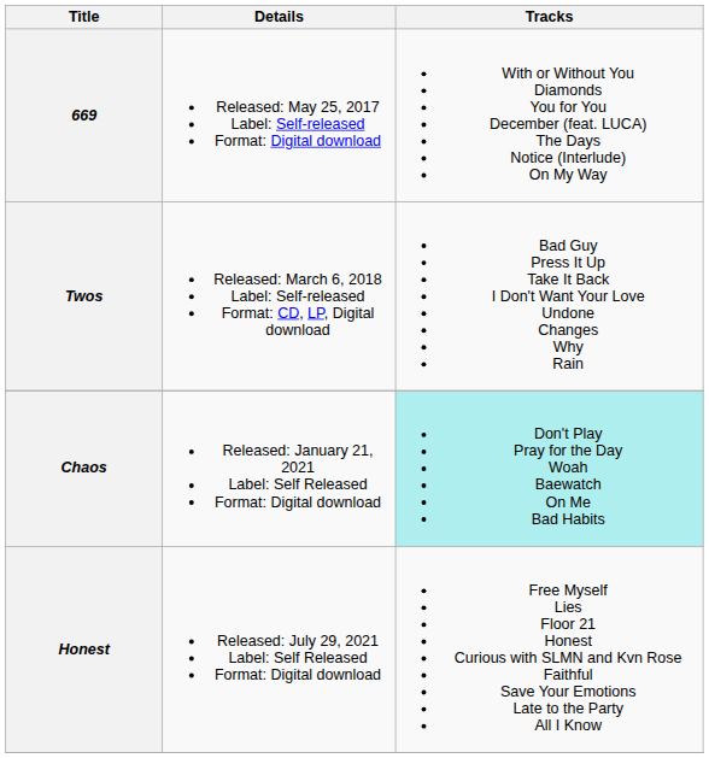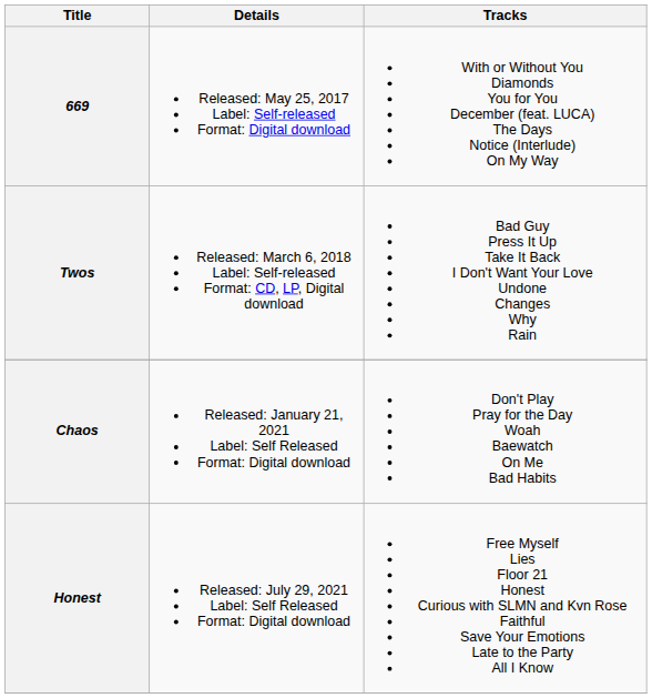 <table class="wikitable plainrowheaders" style="text-align:center;">
 <tr>
 <th scope="col" style="width:10em;">Title</th>
 <th scope="col" style="width:15em;">Details</th>
 <th scope="col" style="width:20em;">Tracks</th>
 </tr>
 <tr>
 <th scope="row"><em>669</em></th>
 <td><br><ul><li>Released: May 25, 2017</li><li>Label: <a href='#'>Self-released</a></li><li>Format: <a href='#'>Digital download</a></li></ul></td>
 <td><br><ul><li>With or Without You</li><li>Diamonds</li><li>You for You</li><li>December (feat. LUCA)</li><li>The Days</li><li>Notice (Interlude)</li><li>On My Way</li></ul></td>
 </tr>
 <tr>
 <th scope="row"><em>Twos</em></th>
 <td><br><ul><li>Released: March 6, 2018</li><li>Label: Self-released</li><li>Format: <a href='#'>CD</a>, <a href='#'>LP</a>, Digital download</li></ul></td>
 <td><br><ul><li>Bad Guy</li><li>Press It Up</li><li>Take It Back</li><li>I Don't Want Your Love</li><li>Undone</li><li>Changes</li><li>Why</li><li>Rain</li></ul></td>
 </tr>
 <tr>
 </tr>
 <tr>
 <th scope="row"><em>Chaos</em></th>
 <td><br><ul><li>Released: January 21, 2021</li><li>Label: Self Released</li><li>Format: Digital download</li></ul></td>
-<td style="background: paleturquoise;"><br><ul><li>Don't Play</li><li>Pray for the Day</li><li>Woah</li><li>Baewatch</li><li>On Me</li><li>Bad Habits</li></ul></td>
+<td><br><ul><li>Don't Play</li><li>Pray for the Day</li><li>Woah</li><li>Baewatch</li><li>On Me</li><li>Bad Habits</li></ul></td>
 </tr>
 <tr>
 <th scope="row"><em>Honest</em></th>
 <td><br><ul><li>Released: July 29, 2021</li><li>Label: Self Released</li><li>Format: Digital download</li></ul></td>
 <td><br><ul><li>Free Myself</li><li>Lies</li><li>Floor 21</li><li>Honest</li><li>Curious with SLMN and Kvn Rose</li><li>Faithful</li><li>Save Your Emotions</li><li>Late to the Party</li><li>All I Know</li></ul></td>
 </tr>
 <tr>
 </tr>
 </table>
